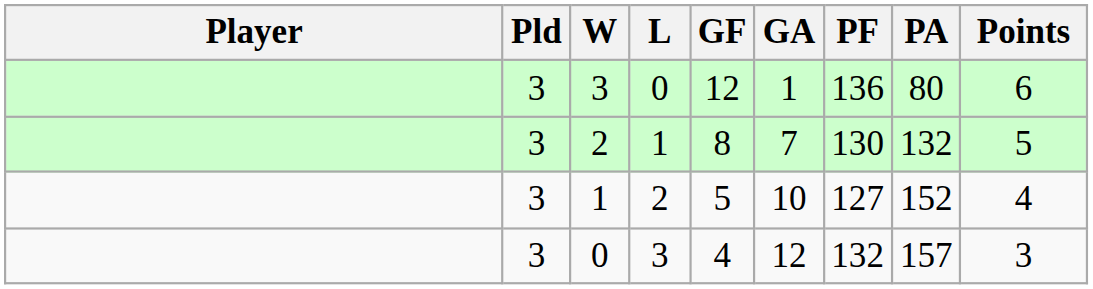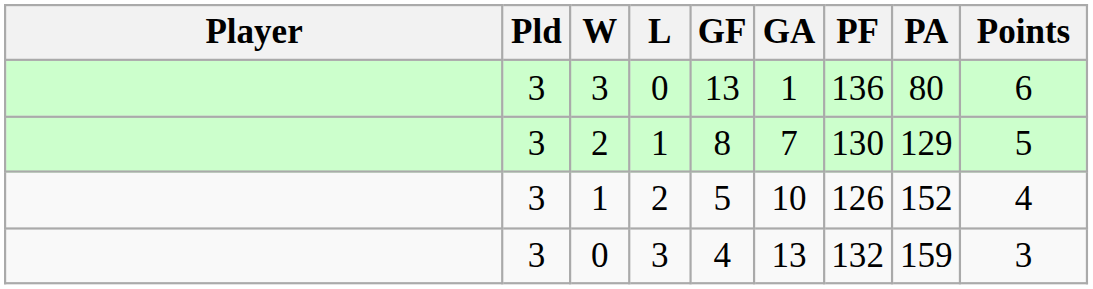 <table class=wikitable style="text-align:center">
 <tr>
 <th width=220>Player</th>
 <th width=20>Pld</th>
 <th width=20>W</th>
 <th width=20>L</th>
 <th width=20>GF</th>
 <th width=20>GA</th>
 <th width=20>PF</th>
 <th width=20>PA</th>
 <th width=50>Points</th>
 </tr>
 <tr bgcolor="#ccffcc">
 <td align=left></td>
 <td>3</td>
 <td>3</td>
 <td>0</td>
-<td>12</td>
+<td>13</td>
 <td>1</td>
 <td>136</td>
 <td>80</td>
 <td>6</td>
 </tr>
 <tr bgcolor="#ccffcc">
 <td align=left></td>
 <td>3</td>
 <td>2</td>
 <td>1</td>
 <td>8</td>
 <td>7</td>
 <td>130</td>
-<td>132</td>
+<td>129</td>
 <td>5</td>
 </tr>
 <tr>
 <td align=left></td>
 <td>3</td>
 <td>1</td>
 <td>2</td>
 <td>5</td>
 <td>10</td>
-<td>127</td>
+<td>126</td>
 <td>152</td>
 <td>4</td>
 </tr>
 <tr>
 <td align=left></td>
 <td>3</td>
 <td>0</td>
 <td>3</td>
 <td>4</td>
-<td>12</td>
+<td>13</td>
 <td>132</td>
-<td>157</td>
+<td>159</td>
 <td>3</td>
 </tr>
 </table>
